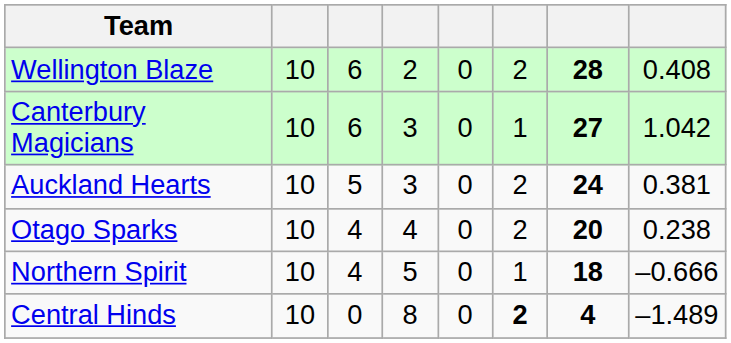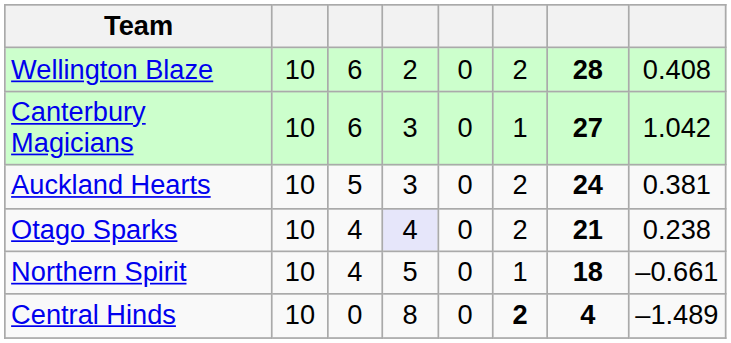 <table class="wikitable" style="text-align:center">
 <tr>
 <th width="150">Team</th>
 <th width="25"></th>
 <th width="25"></th>
 <th width="25"></th>
 <th width="25"></th>
 <th width="25"></th>
 <th width="40"></th>
 <th width="50"></th>
 </tr>
 <tr style="background:#cfc">
 <td style="text-align:left"><a href='#'>Wellington Blaze</a></td>
 <td>10</td>
 <td>6</td>
 <td>2</td>
 <td>0</td>
 <td>2</td>
 <td><strong>28</strong></td>
 <td>0.408</td>
 </tr>
 <tr style="background:#cfc">
 <td style="text-align:left"><a href='#'>Canterbury Magicians</a></td>
 <td>10</td>
 <td>6</td>
 <td>3</td>
 <td>0</td>
 <td>1</td>
 <td><strong>27</strong></td>
 <td>1.042</td>
 </tr>
 <tr>
 <td style="text-align:left"><a href='#'>Auckland Hearts</a></td>
 <td>10</td>
 <td>5</td>
 <td>3</td>
 <td>0</td>
 <td>2</td>
 <td><strong>24</strong></td>
 <td>0.381</td>
 </tr>
 <tr>
 <td style="text-align:left"><a href='#'>Otago Sparks</a></td>
 <td>10</td>
 <td>4</td>
-<td>4</td>
+<td style="background: lavender;">4</td>
 <td>0</td>
 <td>2</td>
-<td><strong>20</strong></td>
+<td><strong>21</strong></td>
 <td>0.238</td>
 </tr>
 <tr>
 <td style="text-align:left"><a href='#'>Northern Spirit</a></td>
 <td>10</td>
 <td>4</td>
 <td>5</td>
 <td>0</td>
 <td>1</td>
 <td><strong>18</strong></td>
-<td>–0.666</td>
+<td>–0.661</td>
 </tr>
 <tr>
 <td style="text-align:left"><a href='#'>Central Hinds</a></td>
 <td>10</td>
 <td>0</td>
 <td>8</td>
 <td>0</td>
 <td><strong>2</strong></td>
 <td><strong>4</strong></td>
 <td>–1.489</td>
 </tr>
 </table>
